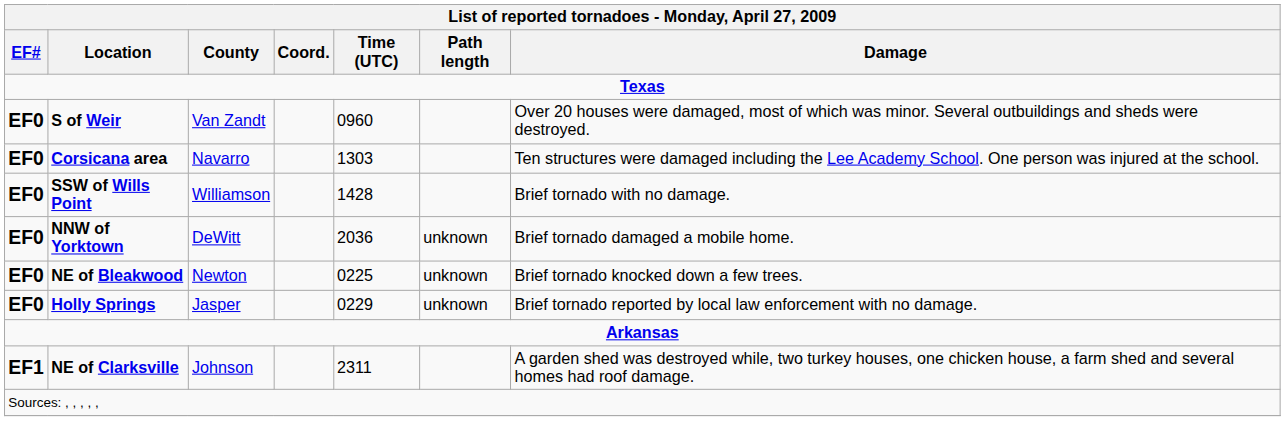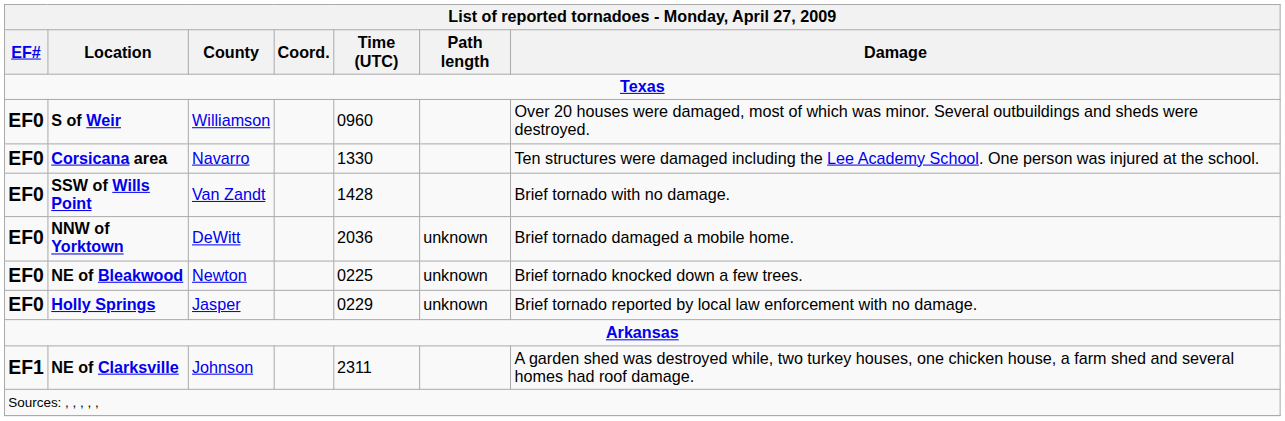 <table class="wikitable collapsible" width="100%">
 <tr>
 <th colspan="7">List of reported tornadoes - Monday, April 27, 2009</th>
 </tr>
 <tr>
 <th><a href='#'>EF#</a></th>
 <th>Location</th>
 <th>County</th>
 <th>Coord.</th>
 <th>Time (UTC)</th>
 <th>Path length</th>
 <th>Damage</th>
 </tr>
 <tr>
 <td colspan="7" align=center><strong><a href='#'>Texas</a></strong></td>
 </tr>
 <tr>
 <td><big><strong>EF0</strong></big></td>
 <td><strong>S of <a href='#'>Weir</a></strong></td>
-<td><a href='#'>Van Zandt</a></td>
+<td><a href='#'>Williamson</a></td>
 <td></td>
 <td>0960</td>
 <td></td>
 <td>Over 20 houses were damaged, most of which was minor. Several outbuildings and sheds were destroyed.</td>
 </tr>
 <tr>
 <td><big><strong>EF0</strong></big></td>
 <td><strong><a href='#'>Corsicana</a> area</strong></td>
 <td><a href='#'>Navarro</a></td>
 <td></td>
-<td>1303</td>
+<td>1330</td>
 <td></td>
 <td>Ten structures were damaged including the <a href='#'>Lee Academy School</a>. One person was injured at the school.</td>
 </tr>
 <tr>
 <td><big><strong>EF0</strong></big></td>
 <td><strong>SSW of <a href='#'>Wills Point</a></strong></td>
-<td><a href='#'>Williamson</a></td>
+<td><a href='#'>Van Zandt</a></td>
 <td></td>
 <td>1428</td>
 <td></td>
 <td>Brief tornado with no damage.</td>
 </tr>
 <tr>
 <td><big><strong>EF0</strong></big></td>
 <td><strong>NNW of <a href='#'>Yorktown</a></strong></td>
 <td><a href='#'>DeWitt</a></td>
 <td></td>
 <td>2036</td>
 <td>unknown</td>
 <td>Brief tornado damaged a mobile home.</td>
 </tr>
 <tr>
 <td><big><strong>EF0</strong></big></td>
 <td><strong>NE of <a href='#'>Bleakwood</a></strong></td>
 <td><a href='#'>Newton</a></td>
 <td></td>
 <td>0225</td>
 <td>unknown</td>
 <td>Brief tornado knocked down a few trees.</td>
 </tr>
 <tr>
 <td><big><strong>EF0</strong></big></td>
 <td><strong><a href='#'>Holly Springs</a></strong></td>
 <td><a href='#'>Jasper</a></td>
 <td></td>
 <td>0229</td>
 <td>unknown</td>
 <td>Brief tornado reported by local law enforcement with no damage.</td>
 </tr>
 <tr>
 <td colspan="7" align=center><strong><a href='#'>Arkansas</a></strong></td>
 </tr>
 <tr>
 <td><big><strong>EF1</strong></big></td>
 <td><strong>NE of <a href='#'>Clarksville</a></strong></td>
 <td><a href='#'>Johnson</a></td>
 <td></td>
 <td>2311</td>
 <td></td>
 <td>A garden shed was destroyed while, two turkey houses, one chicken house, a farm shed and several homes had roof damage.</td>
 </tr>
 <tr>
 <td colspan="7"><small>Sources: , , , , , </small></td>
 </tr>
 <tr>
 </tr>
 </table>
